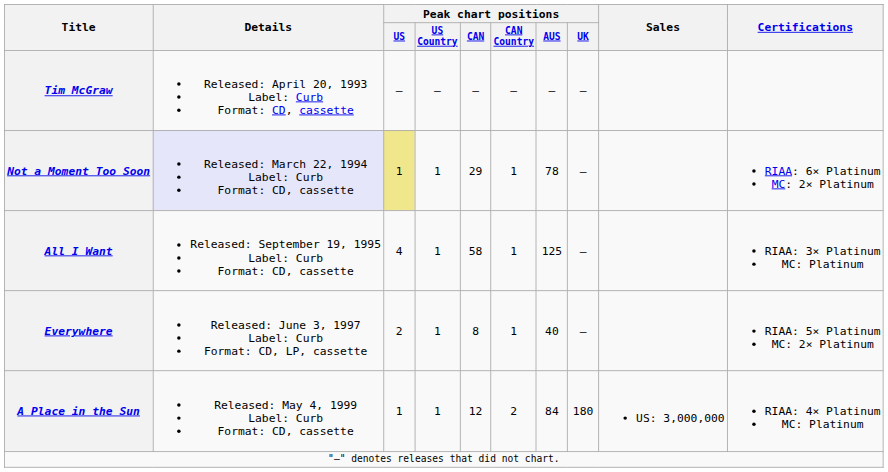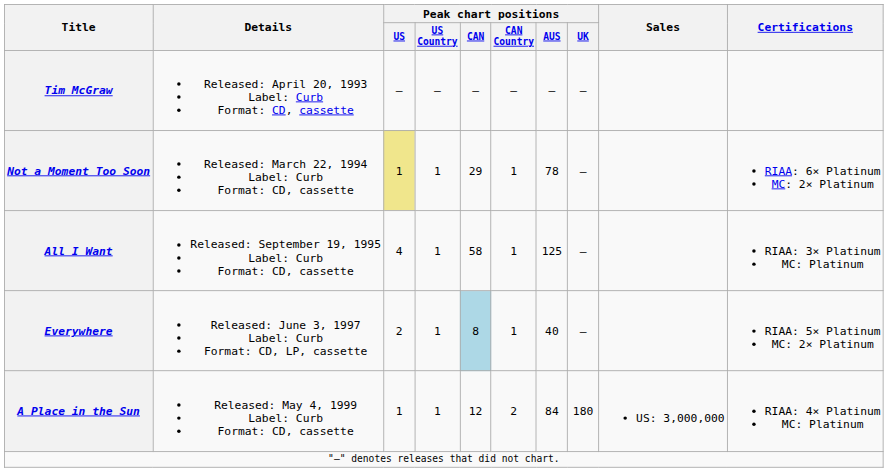 <table class="wikitable plainrowheaders" style="text-align:center">
 <tr>
 <th scope="col" rowspan="2">Title</th>
 <th scope="col" rowspan="2">Details</th>
 <th scope="col" colspan="6">Peak chart positions</th>
 <th scope="col" rowspan="2">Sales</th>
 <th scope="col" rowspan="2"><a href='#'>Certifications</a></th>
 </tr>
 <tr>
 <th scope="col" style="width:2.75em;font-size:85%;"><a href='#'>US</a><br></th>
 <th scope="col" style="width:2.75em;font-size:85%;"><a href='#'>US<br>Country</a><br></th>
 <th scope="col" style="width:2.75em;font-size:85%;"><a href='#'>CAN</a><br></th>
 <th scope="col" style="width:2.75em;font-size:85%;"><a href='#'>CAN<br>Country</a><br></th>
 <th scope="col" style="width:2.75em;font-size:85%;"><a href='#'>AUS</a><br></th>
 <th scope="col" style="width:2.75em;font-size:85%;"><a href='#'>UK</a><br></th>
 </tr>
 <tr>
 <th scope="row"><em><a href='#'>Tim McGraw</a></em></th>
 <td><br><ul><li>Released: April 20, 1993</li><li>Label: <a href='#'>Curb</a></li><li>Format: <a href='#'>CD</a>, <a href='#'>cassette</a></li></ul></td>
 <td>—</td>
 <td>—</td>
 <td>—</td>
 <td>—</td>
 <td>—</td>
 <td>—</td>
 <td></td>
 <td></td>
 </tr>
 <tr>
 <th scope="row"><em><a href='#'>Not a Moment Too Soon</a></em></th>
-<td style="background: lavender;"><br><ul><li>Released: March 22, 1994</li><li>Label: Curb</li><li>Format: CD, cassette</li></ul></td>
+<td><br><ul><li>Released: March 22, 1994</li><li>Label: Curb</li><li>Format: CD, cassette</li></ul></td>
 <td style="background: khaki;">1</td>
 <td>1</td>
 <td>29</td>
 <td>1</td>
 <td>78</td>
 <td>—</td>
 <td></td>
 <td><br><ul><li><a href='#'>RIAA</a>: 6× Platinum</li><li><a href='#'>MC</a>: 2× Platinum</li></ul></td>
 </tr>
 <tr>
 <th scope="row"><em><a href='#'>All I Want</a></em></th>
 <td><br><ul><li>Released: September 19, 1995</li><li>Label: Curb</li><li>Format: CD, cassette</li></ul></td>
 <td>4</td>
 <td>1</td>
 <td>58</td>
 <td>1</td>
 <td>125</td>
 <td>—</td>
 <td></td>
 <td><br><ul><li>RIAA: 3× Platinum</li><li>MC: Platinum</li></ul></td>
 </tr>
 <tr>
 <th scope="row"><em><a href='#'>Everywhere</a></em></th>
 <td><br><ul><li>Released: June 3, 1997</li><li>Label: Curb</li><li>Format: CD, LP, cassette</li></ul></td>
 <td>2</td>
 <td>1</td>
-<td>8</td>
+<td style="background: lightblue;">8</td>
 <td>1</td>
 <td>40</td>
 <td>—</td>
 <td></td>
 <td><br><ul><li>RIAA: 5× Platinum</li><li>MC: 2× Platinum</li></ul></td>
 </tr>
 <tr>
 <th scope="row"><em><a href='#'>A Place in the Sun</a></em></th>
 <td><br><ul><li>Released: May 4, 1999</li><li>Label: Curb</li><li>Format: CD, cassette</li></ul></td>
 <td>1</td>
 <td>1</td>
 <td>12</td>
 <td>2</td>
 <td>84</td>
 <td>180</td>
 <td><br><ul><li>US: 3,000,000</li></ul></td>
 <td><br><ul><li>RIAA: 4× Platinum</li><li>MC: Platinum</li></ul></td>
 </tr>
 <tr>
 <td colspan="10" style="font-size:85%">"—" denotes releases that did not chart.</td>
 </tr>
 </table>
